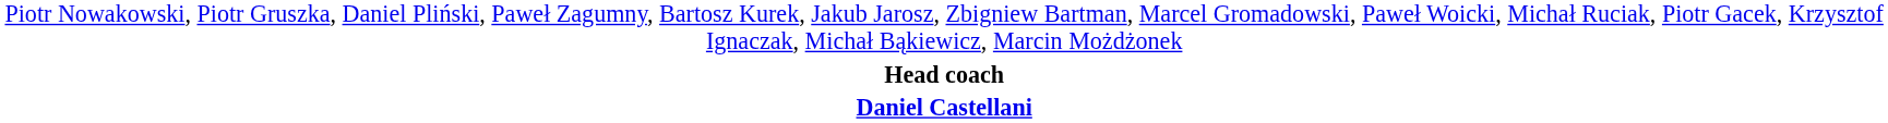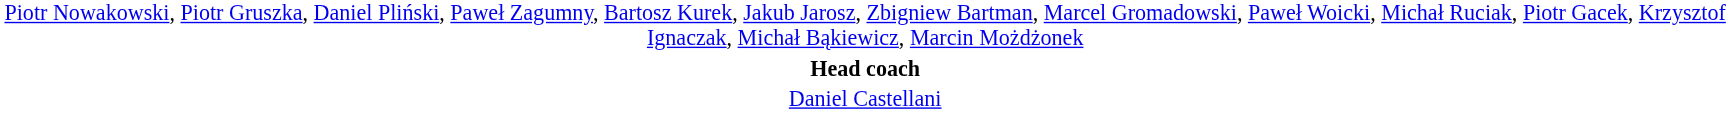 <table style="text-align: center; margin-top: 2em; margin-left: auto; margin-right: auto">
 <tr>
 <td><a href='#'>Piotr Nowakowski</a>, <a href='#'>Piotr Gruszka</a>, <a href='#'>Daniel Pliński</a>, <a href='#'>Paweł Zagumny</a>, <a href='#'>Bartosz Kurek</a>, <a href='#'>Jakub Jarosz</a>, <a href='#'>Zbigniew Bartman</a>, <a href='#'>Marcel Gromadowski</a>, <a href='#'>Paweł Woicki</a>, <a href='#'>Michał Ruciak</a>, <a href='#'>Piotr Gacek</a>, <a href='#'>Krzysztof Ignaczak</a>, <a href='#'>Michał Bąkiewicz</a>, <a href='#'>Marcin Możdżonek</a></td>
 </tr>
 <tr>
 <td><strong>Head coach</strong></td>
 </tr>
 <tr>
-<td><strong><a href='#'>Daniel Castellani</a></strong></td>
+<td><a href='#'>Daniel Castellani</a></td>
 </tr>
 </table>
